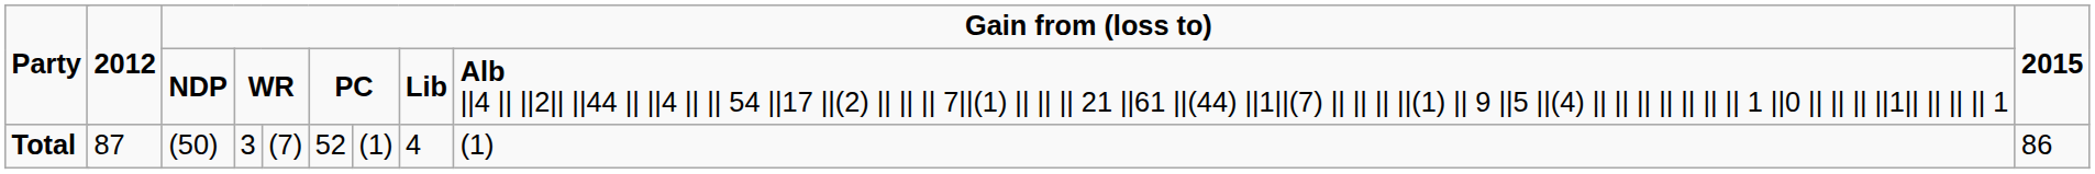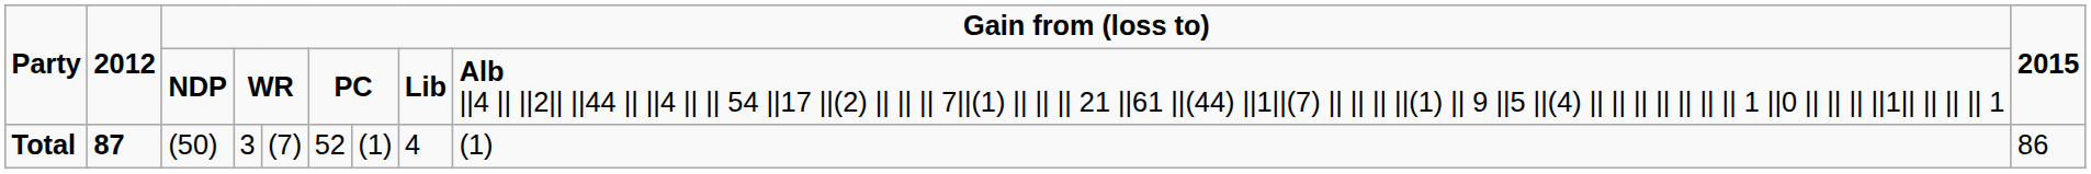 <table class="wikitable">
 <tr>
 <td rowspan="2" colspan="2"><strong>Party</strong></td>
 <td rowspan="2"><strong>2012</strong></td>
 <td colspan="7" style="text-align:center;"><strong>Gain from (loss to)</strong></td>
 <td rowspan="2"><strong>2015</strong></td>
 </tr>
 <tr>
 <td><strong>NDP</strong></td>
 <td colspan="2" style="text-align:center; background:"><strong>WR</strong></td>
 <td colspan="2" style="text-align:center; background:"><strong>PC</strong></td>
 <td><strong>Lib</strong></td>
 <td><strong>Alb</strong><br>||4 || ||2|| ||44 || ||4 ||  || 54 ||17 ||(2) || || || 7||(1) || || || 21 ||61 ||(44) ||1||(7) || || || ||(1) || 9 ||5 ||(4) || || || || || || || 1 ||0 || || || ||1|| || || || 1</td>
 </tr>
 <tr>
 <td colspan="2" style="text-align:left;"><strong>Total</strong></td>
-<td>87</td>
+<td><strong>87</strong></td>
 <td>(50)</td>
 <td>3</td>
 <td>(7)</td>
 <td>52</td>
 <td>(1)</td>
 <td>4</td>
 <td>(1)</td>
 <td>86</td>
 </tr>
 </table>
